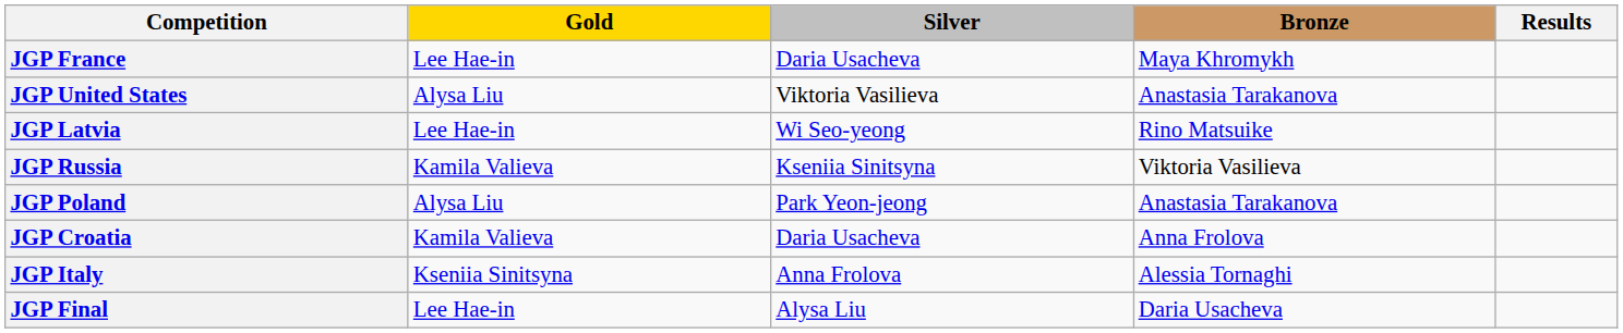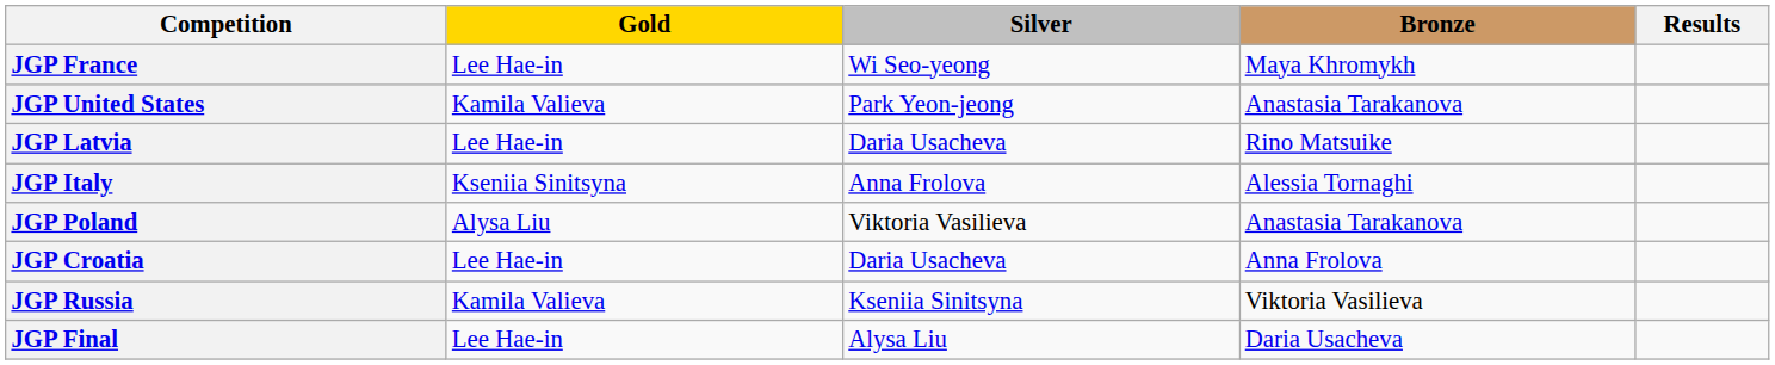 <table class="wikitable unsortable" style="text-align:left; width:90%">
 <tr>
 <th scope="col" style="text-align:center; width:25%;">Competition</th>
 <td scope="col" style="text-align:center; width:22.5%; background:gold"><strong>Gold</strong></td>
 <td scope="col" style="text-align:center; width:22.5%; background:silver"><strong>Silver</strong></td>
 <td scope="col" style="text-align:center; width:22.5%; background:#c96"><strong>Bronze</strong></td>
 <th scope="col" style="text-align:center; width:7.5%;">Results</th>
 </tr>
 <tr>
 <th scope="row" style="text-align:left"> <a href='#'>JGP France</a></th>
 <td> <a href='#'>Lee Hae-in</a></td>
-<td> <a href='#'>Daria Usacheva</a></td>
+<td> <a href='#'>Wi Seo-yeong</a></td>
 <td> <a href='#'>Maya Khromykh</a></td>
 <td></td>
 </tr>
 <tr>
 <th scope="row" style="text-align:left"> <a href='#'>JGP United States</a></th>
+<td> <a href='#'>Kamila Valieva</a></td>
+<td> <a href='#'>Park Yeon-jeong</a></td>
+<td> <a href='#'>Anastasia Tarakanova</a></td>
+<td></td>
+</tr>
+<tr>
+<th scope="row" style="text-align:left"> <a href='#'>JGP Latvia</a></th>
+<td> <a href='#'>Lee Hae-in</a></td>
+<td> <a href='#'>Daria Usacheva</a></td>
+<td> <a href='#'>Rino Matsuike</a></td>
+<td></td>
+</tr>
+<tr>
+<th scope="row" style="text-align:left"> <a href='#'>JGP Italy</a></th>
+<td> <a href='#'>Kseniia Sinitsyna</a></td>
+<td> <a href='#'>Anna Frolova</a></td>
+<td> <a href='#'>Alessia Tornaghi</a></td>
+<td></td>
+</tr>
+<tr>
+<th scope="row" style="text-align:left"> <a href='#'>JGP Poland</a></th>
 <td> <a href='#'>Alysa Liu</a></td>
 <td> Viktoria Vasilieva</td>
 <td> <a href='#'>Anastasia Tarakanova</a></td>
 <td></td>
 </tr>
 <tr>
-<th scope="row" style="text-align:left"> <a href='#'>JGP Latvia</a></th>
+<th scope="row" style="text-align:left"> <a href='#'>JGP Croatia</a></th>
 <td> <a href='#'>Lee Hae-in</a></td>
-<td> <a href='#'>Wi Seo-yeong</a></td>
-<td> <a href='#'>Rino Matsuike</a></td>
+<td> <a href='#'>Daria Usacheva</a></td>
+<td> <a href='#'>Anna Frolova</a></td>
 <td></td>
 </tr>
 <tr>
 <th scope="row" style="text-align:left"> <a href='#'>JGP Russia</a></th>
 <td> <a href='#'>Kamila Valieva</a></td>
 <td> <a href='#'>Kseniia Sinitsyna</a></td>
 <td> Viktoria Vasilieva</td>
 <td></td>
 </tr>
 <tr>
-<th scope="row" style="text-align:left"> <a href='#'>JGP Poland</a></th>
-<td> <a href='#'>Alysa Liu</a></td>
-<td> <a href='#'>Park Yeon-jeong</a></td>
-<td> <a href='#'>Anastasia Tarakanova</a></td>
-<td></td>
-</tr>
-<tr>
-<th scope="row" style="text-align:left"> <a href='#'>JGP Croatia</a></th>
-<td> <a href='#'>Kamila Valieva</a></td>
-<td> <a href='#'>Daria Usacheva</a></td>
-<td> <a href='#'>Anna Frolova</a></td>
-<td></td>
-</tr>
-<tr>
-<th scope="row" style="text-align:left"> <a href='#'>JGP Italy</a></th>
-<td> <a href='#'>Kseniia Sinitsyna</a></td>
-<td> <a href='#'>Anna Frolova</a></td>
-<td> <a href='#'>Alessia Tornaghi</a></td>
-<td></td>
-</tr>
-<tr>
 <th scope="row" style="text-align:left"> <a href='#'>JGP Final</a></th>
 <td> <a href='#'>Lee Hae-in</a></td>
 <td> <a href='#'>Alysa Liu</a></td>
 <td> <a href='#'>Daria Usacheva</a></td>
 <td></td>
 </tr>
 </table>
